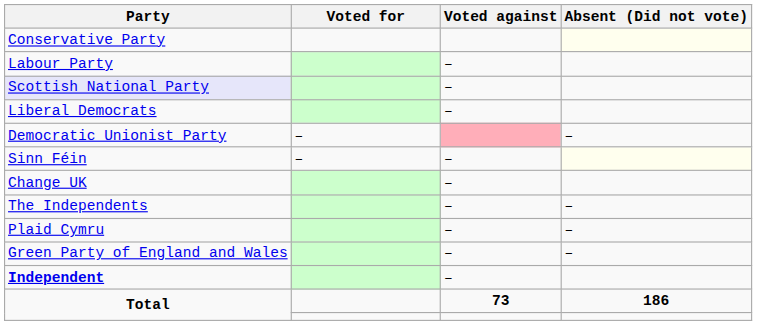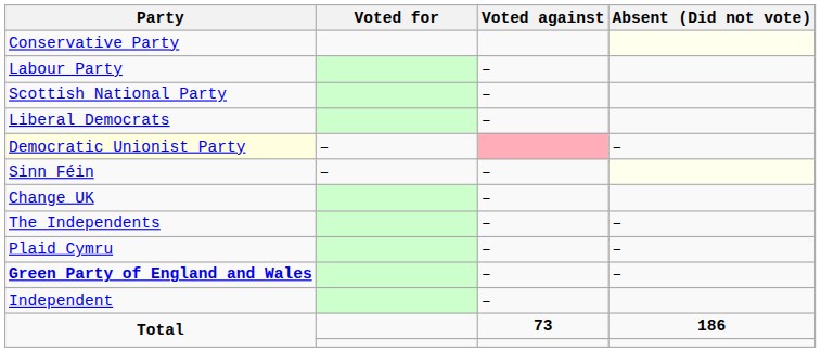 <table class="wikitable">
 <tr>
 <th>Party</th>
 <th style="width:20%;">Voted for</th>
 <th>Voted against</th>
 <th>Absent (Did not vote)</th>
 </tr>
 <tr>
 <td> <a href='#'>Conservative Party</a></td>
 <td></td>
 <td></td>
 <td style="background-color:#FFE;"></td>
 </tr>
 <tr>
 <td> <a href='#'>Labour Party</a></td>
 <td style="background-color:#CCFFCC;"></td>
 <td>–</td>
 <td></td>
 </tr>
 <tr>
-<td style="background: lavender;"> <a href='#'>Scottish National Party</a></td>
+<td> <a href='#'>Scottish National Party</a></td>
 <td style="background-color:#CCFFCC;"></td>
 <td>–</td>
 <td></td>
 </tr>
 <tr>
 <td> <a href='#'>Liberal Democrats</a></td>
 <td style="background-color:#CCFFCC;"></td>
 <td>–</td>
 <td></td>
 </tr>
 <tr>
-<td> <a href='#'>Democratic Unionist Party</a></td>
+<td style="background: lightyellow;"> <a href='#'>Democratic Unionist Party</a></td>
 <td>–</td>
 <td style="background-color:#FFAEB9;"></td>
 <td>–</td>
 </tr>
 <tr>
 <td> <a href='#'>Sinn Féin</a></td>
 <td>–</td>
 <td>–</td>
 <td style="background-color:#FFE;"></td>
 </tr>
 <tr>
 <td> <a href='#'>Change UK</a></td>
 <td style="background-color:#CCFFCC;"></td>
 <td>–</td>
 <td></td>
 </tr>
 <tr>
 <td> <a href='#'>The Independents</a></td>
 <td style="background-color:#CCFFCC;"></td>
 <td>–</td>
 <td>–</td>
 </tr>
 <tr>
 <td> <a href='#'>Plaid Cymru</a></td>
 <td style="background-color:#CCFFCC;"></td>
 <td>–</td>
 <td>–</td>
 </tr>
 <tr>
-<td> <a href='#'>Green Party of England and Wales</a></td>
+<td><strong> <a href='#'>Green Party of England and Wales</a></strong></td>
 <td style="background-color:#CCFFCC;"></td>
 <td>–</td>
 <td>–</td>
 </tr>
 <tr>
-<td><strong> <a href='#'>Independent</a></strong></td>
+<td> <a href='#'>Independent</a></td>
 <td style="background-color:#CCFFCC;"></td>
 <td>–</td>
 <td></td>
 </tr>
 <tr>
 <td style="text-align:center;" rowspan="2"><strong>Total</strong></td>
 <td></td>
 <td style="text-align:center;"><strong>73</strong></td>
 <td style="text-align:center;"><strong>186</strong></td>
 </tr>
 <tr>
 <td style="text-align:center;"></td>
 <td style="text-align:center;"></td>
 <td style="text-align:center;"></td>
 </tr>
 </table>
